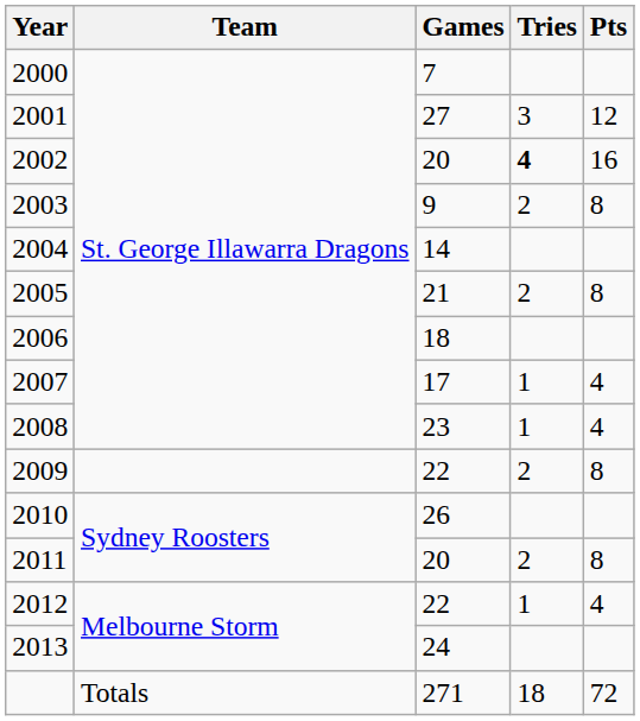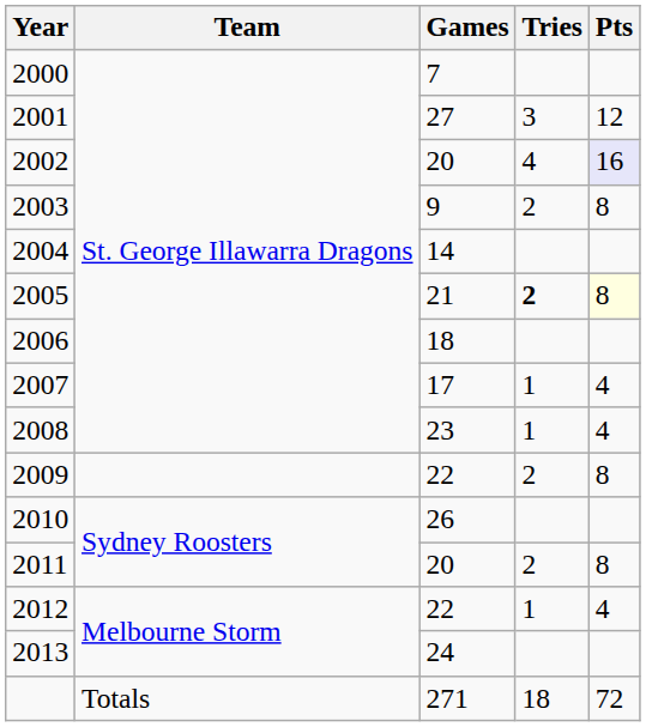 <table class="wikitable">
 <tr>
 <th>Year</th>
 <th>Team</th>
 <th>Games</th>
 <th>Tries</th>
 <th>Pts</th>
 </tr>
 <tr>
 <td>2000</td>
 <td rowspan="9"> <a href='#'>St. George Illawarra Dragons</a></td>
 <td>7</td>
 <td></td>
 <td></td>
 </tr>
 <tr>
 <td>2001</td>
 <td>27</td>
 <td>3</td>
 <td>12</td>
 </tr>
 <tr>
 <td>2002</td>
 <td>20</td>
-<td><strong>4</strong></td>
-<td>16</td>
+<td>4</td>
+<td style="background: lavender;">16</td>
 </tr>
 <tr>
 <td>2003</td>
 <td>9</td>
 <td>2</td>
 <td>8</td>
 </tr>
 <tr>
 <td>2004</td>
 <td>14</td>
 <td></td>
 <td></td>
 </tr>
 <tr>
 <td>2005</td>
 <td>21</td>
-<td>2</td>
-<td>8</td>
+<td><strong>2</strong></td>
+<td style="background: lightyellow;">8</td>
 </tr>
 <tr>
 <td>2006</td>
 <td>18</td>
 <td></td>
 <td></td>
 </tr>
 <tr>
 <td>2007</td>
 <td>17</td>
 <td>1</td>
 <td>4</td>
 </tr>
 <tr>
 <td>2008</td>
 <td>23</td>
 <td>1</td>
 <td>4</td>
 </tr>
 <tr>
 <td>2009</td>
 <td></td>
 <td>22</td>
 <td>2</td>
 <td>8</td>
 </tr>
 <tr>
 <td>2010</td>
 <td rowspan="2"> <a href='#'>Sydney Roosters</a></td>
 <td>26</td>
 <td></td>
 <td></td>
 </tr>
 <tr>
 <td>2011</td>
 <td>20</td>
 <td>2</td>
 <td>8</td>
 </tr>
 <tr>
 <td>2012</td>
 <td rowspan="2"> <a href='#'>Melbourne Storm</a></td>
 <td>22</td>
 <td>1</td>
 <td>4</td>
 </tr>
 <tr>
 <td>2013</td>
 <td>24</td>
 <td></td>
 <td></td>
 </tr>
 <tr>
 <td></td>
 <td>Totals</td>
 <td>271</td>
 <td>18</td>
 <td>72</td>
 </tr>
 </table>
